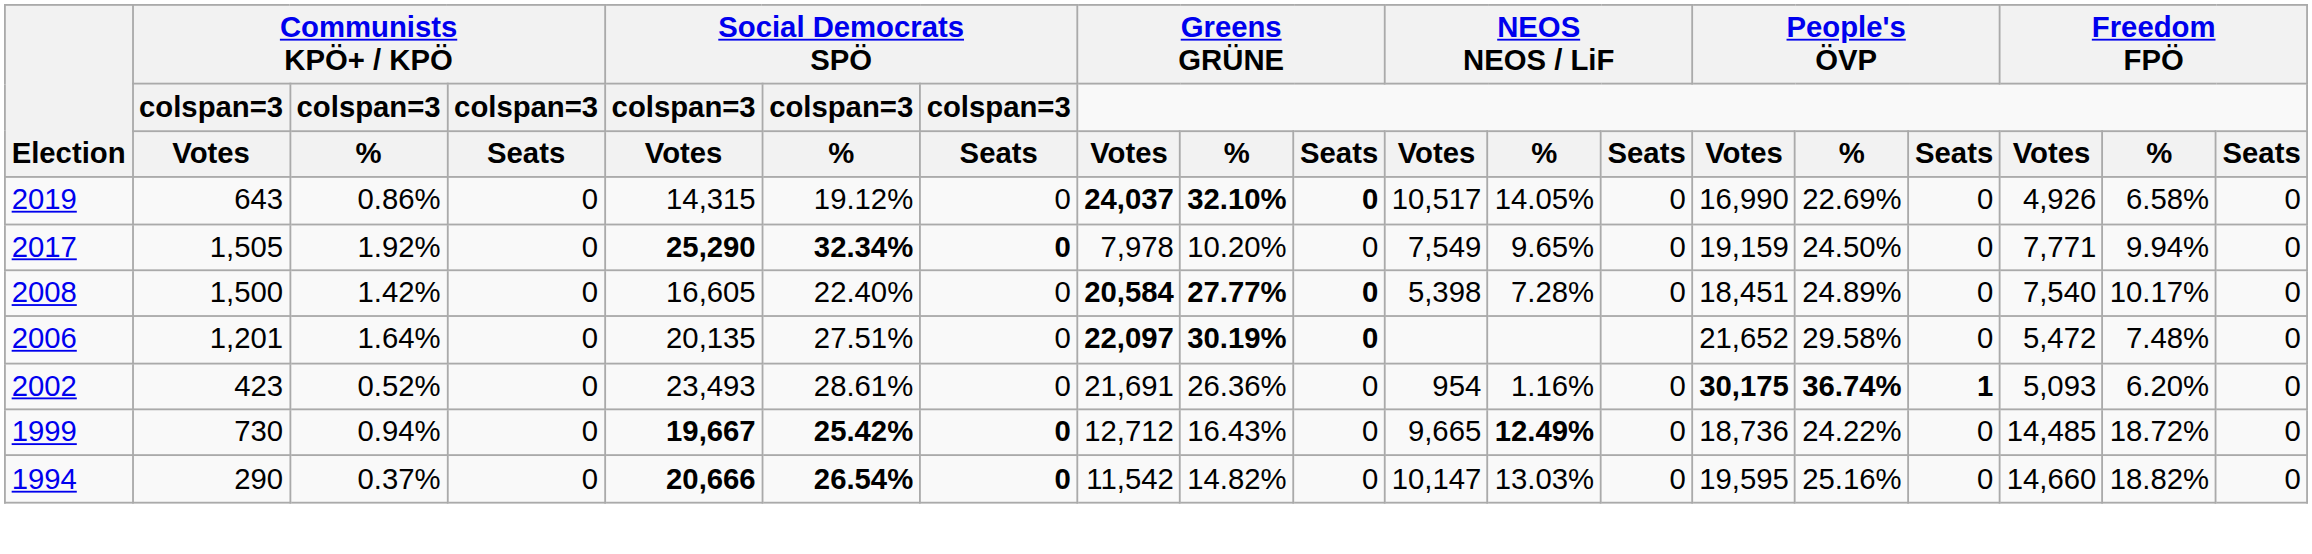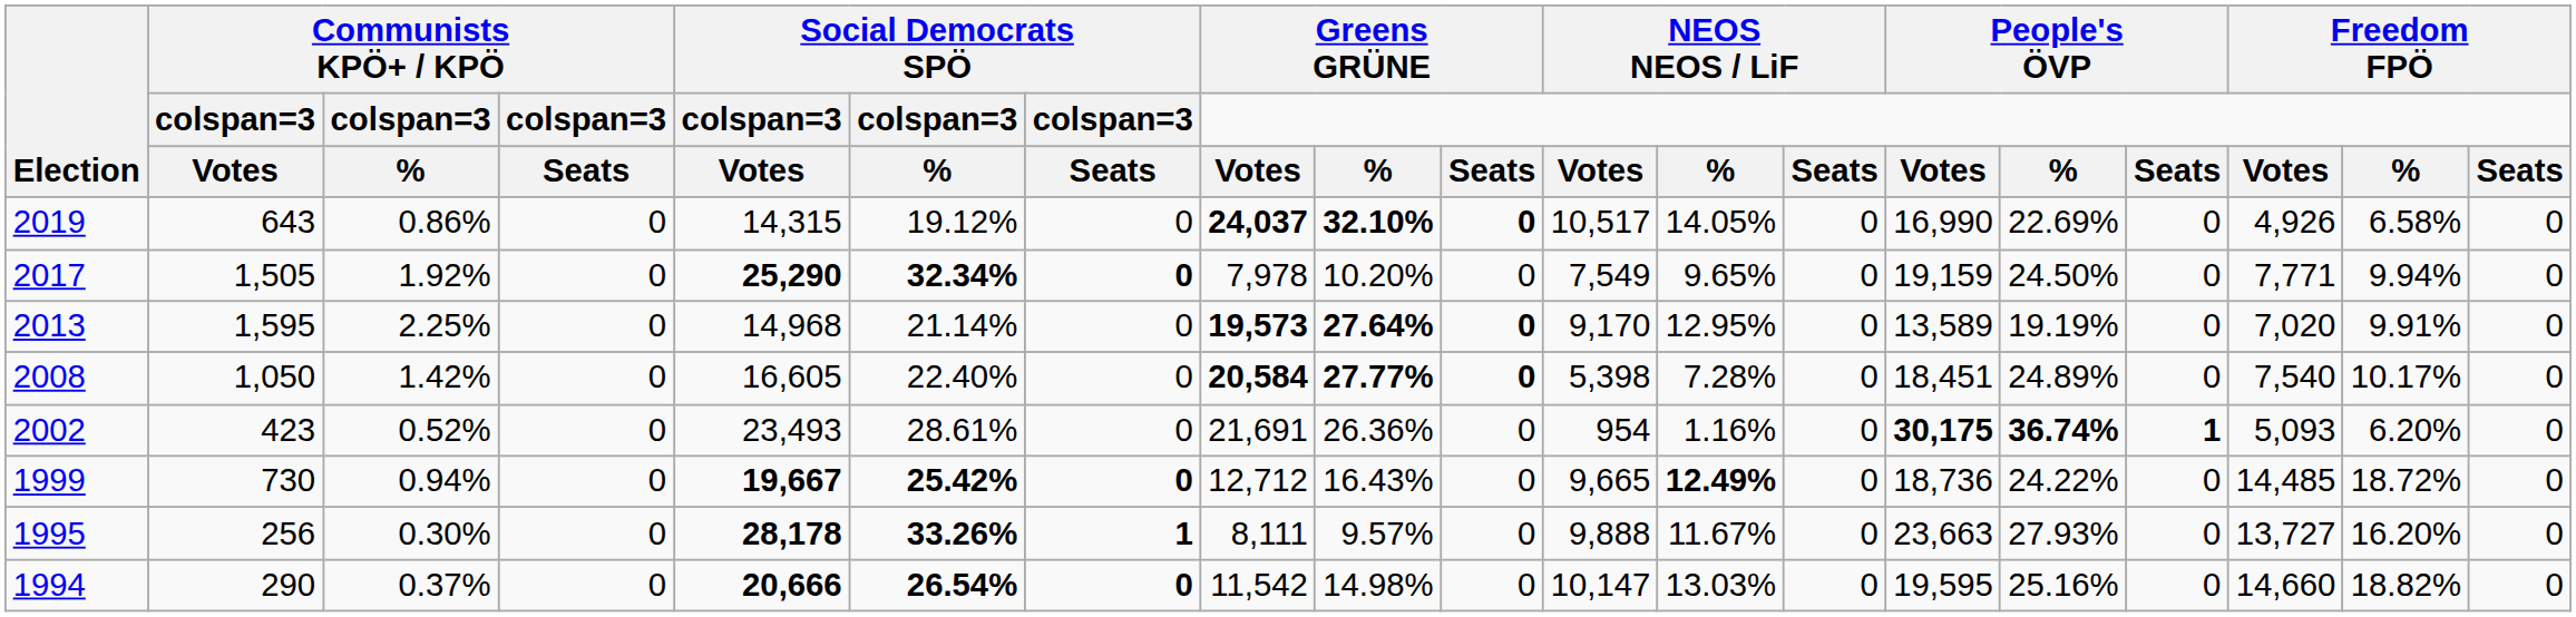 <table class="wikitable" border="1" style="font-size:100%; text-align:right;">
 <tr>
 <th style="text-align:left;" valign=bottom rowspan=3>Election</th>
 <th valign=bottom colspan=3><a href='#'>Communists</a><br>KPÖ+ / KPÖ</th>
 <th valign=bottom colspan=3><a href='#'>Social Democrats</a><br>SPÖ</th>
 <th valign=bottom colspan=3><a href='#'>Greens</a><br>GRÜNE</th>
 <th valign=bottom colspan=3><a href='#'>NEOS</a><br>NEOS / LiF</th>
 <th valign=bottom colspan=3><a href='#'>People's</a><br>ÖVP</th>
 <th valign=bottom colspan=3><a href='#'>Freedom</a><br>FPÖ</th>
 </tr>
 <tr>
 <th>colspan=3 </th>
 <th>colspan=3 </th>
 <th>colspan=3 </th>
 <th>colspan=3 </th>
 <th>colspan=3 </th>
 <th>colspan=3 </th>
 </tr>
 <tr>
 <th>Votes</th>
 <th>%</th>
 <th>Seats</th>
 <th>Votes</th>
 <th>%</th>
 <th>Seats</th>
 <th>Votes</th>
 <th>%</th>
 <th>Seats</th>
 <th>Votes</th>
 <th>%</th>
 <th>Seats</th>
 <th>Votes</th>
 <th>%</th>
 <th>Seats</th>
 <th>Votes</th>
 <th>%</th>
 <th>Seats</th>
 </tr>
 <tr>
 <td align=left><a href='#'>2019</a></td>
 <td>643</td>
 <td>0.86%</td>
 <td>0</td>
 <td>14,315</td>
 <td>19.12%</td>
 <td>0</td>
 <td><strong>24,037</strong></td>
 <td><strong>32.10%</strong></td>
 <td><strong>0</strong></td>
 <td>10,517</td>
 <td>14.05%</td>
 <td>0</td>
 <td>16,990</td>
 <td>22.69%</td>
 <td>0</td>
 <td>4,926</td>
 <td>6.58%</td>
 <td>0</td>
 </tr>
 <tr>
 <td align=left><a href='#'>2017</a></td>
 <td>1,505</td>
 <td>1.92%</td>
 <td>0</td>
 <td><strong>25,290</strong></td>
 <td><strong>32.34%</strong></td>
 <td><strong>0</strong></td>
 <td>7,978</td>
 <td>10.20%</td>
 <td>0</td>
 <td>7,549</td>
 <td>9.65%</td>
 <td>0</td>
 <td>19,159</td>
 <td>24.50%</td>
 <td>0</td>
 <td>7,771</td>
 <td>9.94%</td>
 <td>0</td>
 </tr>
 <tr>
+<td align=left><a href='#'>2013</a></td>
+<td>1,595</td>
+<td>2.25%</td>
+<td>0</td>
+<td>14,968</td>
+<td>21.14%</td>
+<td>0</td>
+<td><strong>19,573</strong></td>
+<td><strong>27.64%</strong></td>
+<td><strong>0</strong></td>
+<td>9,170</td>
+<td>12.95%</td>
+<td>0</td>
+<td>13,589</td>
+<td>19.19%</td>
+<td>0</td>
+<td>7,020</td>
+<td>9.91%</td>
+<td>0</td>
+</tr>
+<tr>
 <td align=left><a href='#'>2008</a></td>
-<td>1,500</td>
+<td>1,050</td>
 <td>1.42%</td>
 <td>0</td>
 <td>16,605</td>
 <td>22.40%</td>
 <td>0</td>
 <td><strong>20,584</strong></td>
 <td><strong>27.77%</strong></td>
 <td><strong>0</strong></td>
 <td>5,398</td>
 <td>7.28%</td>
 <td>0</td>
 <td>18,451</td>
 <td>24.89%</td>
 <td>0</td>
 <td>7,540</td>
 <td>10.17%</td>
-<td>0</td>
-</tr>
-<tr>
-<td align=left><a href='#'>2006</a></td>
-<td>1,201</td>
-<td>1.64%</td>
-<td>0</td>
-<td>20,135</td>
-<td>27.51%</td>
-<td>0</td>
-<td><strong>22,097</strong></td>
-<td><strong>30.19%</strong></td>
-<td><strong>0</strong></td>
-<td></td>
-<td></td>
-<td></td>
-<td>21,652</td>
-<td>29.58%</td>
-<td>0</td>
-<td>5,472</td>
-<td>7.48%</td>
 <td>0</td>
 </tr>
 <tr>
 <td align=left><a href='#'>2002</a></td>
 <td>423</td>
 <td>0.52%</td>
 <td>0</td>
 <td>23,493</td>
 <td>28.61%</td>
 <td>0</td>
 <td>21,691</td>
 <td>26.36%</td>
 <td>0</td>
 <td>954</td>
 <td>1.16%</td>
 <td>0</td>
 <td><strong>30,175</strong></td>
 <td><strong>36.74%</strong></td>
 <td><strong>1</strong></td>
 <td>5,093</td>
 <td>6.20%</td>
 <td>0</td>
 </tr>
 <tr>
 <td align=left><a href='#'>1999</a></td>
 <td>730</td>
 <td>0.94%</td>
 <td>0</td>
 <td><strong>19,667</strong></td>
 <td><strong>25.42%</strong></td>
 <td><strong>0</strong></td>
 <td>12,712</td>
 <td>16.43%</td>
 <td>0</td>
 <td>9,665</td>
 <td><strong>12.49%</strong></td>
 <td>0</td>
 <td>18,736</td>
 <td>24.22%</td>
 <td>0</td>
 <td>14,485</td>
 <td>18.72%</td>
 <td>0</td>
 </tr>
 <tr>
+<td align=left><a href='#'>1995</a></td>
+<td>256</td>
+<td>0.30%</td>
+<td>0</td>
+<td><strong>28,178</strong></td>
+<td><strong>33.26%</strong></td>
+<td><strong>1</strong></td>
+<td>8,111</td>
+<td>9.57%</td>
+<td>0</td>
+<td>9,888</td>
+<td>11.67%</td>
+<td>0</td>
+<td>23,663</td>
+<td>27.93%</td>
+<td>0</td>
+<td>13,727</td>
+<td>16.20%</td>
+<td>0</td>
+</tr>
+<tr>
 <td align=left><a href='#'>1994</a></td>
 <td>290</td>
 <td>0.37%</td>
 <td>0</td>
 <td><strong>20,666</strong></td>
 <td><strong>26.54%</strong></td>
 <td><strong>0</strong></td>
 <td>11,542</td>
-<td>14.82%</td>
+<td>14.98%</td>
 <td>0</td>
 <td>10,147</td>
 <td>13.03%</td>
 <td>0</td>
 <td>19,595</td>
 <td>25.16%</td>
 <td>0</td>
 <td>14,660</td>
 <td>18.82%</td>
 <td>0</td>
 </tr>
 </table>
